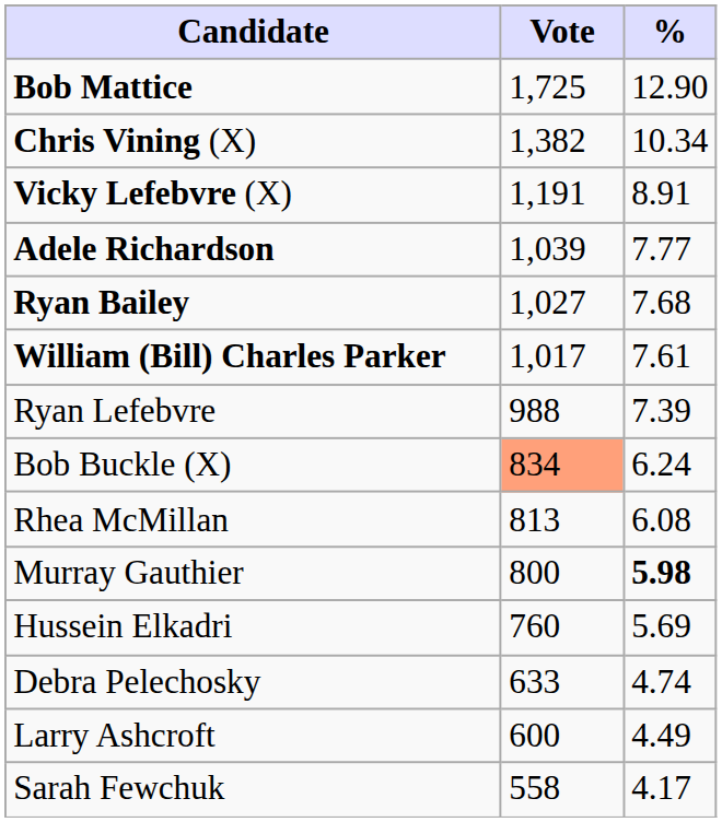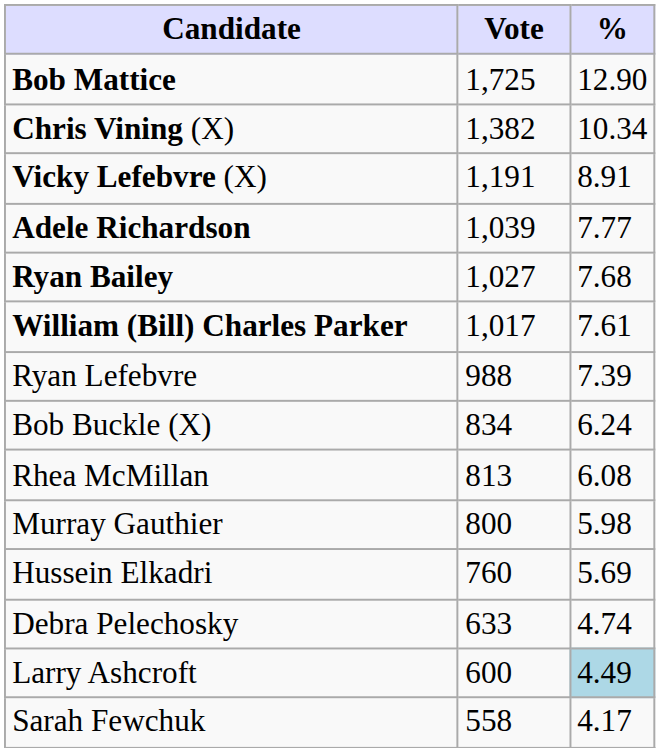 <table class="wikitable">
 <tr>
 <th style="background:#ddf; width:225px;">Candidate</th>
 <th style="background:#ddf; width:50px;">Vote</th>
 <th style="background:#ddf; width:30px;">%</th>
 </tr>
 <tr>
 <td><strong>Bob Mattice</strong></td>
 <td>1,725</td>
 <td>12.90</td>
 </tr>
 <tr>
 <td><strong>Chris Vining</strong> (X)</td>
 <td>1,382</td>
 <td>10.34</td>
 </tr>
 <tr>
 <td><strong>Vicky Lefebvre</strong> (X)</td>
 <td>1,191</td>
 <td>8.91</td>
 </tr>
 <tr>
 <td><strong>Adele Richardson</strong></td>
 <td>1,039</td>
 <td>7.77</td>
 </tr>
 <tr>
 <td><strong>Ryan Bailey</strong></td>
 <td>1,027</td>
 <td>7.68</td>
 </tr>
 <tr>
 <td><strong>William (Bill) Charles Parker</strong></td>
 <td>1,017</td>
 <td>7.61</td>
 </tr>
 <tr>
 <td>Ryan Lefebvre</td>
 <td>988</td>
 <td>7.39</td>
 </tr>
 <tr>
 <td>Bob Buckle (X)</td>
-<td style="background: lightsalmon;">834</td>
+<td>834</td>
 <td>6.24</td>
 </tr>
 <tr>
 <td>Rhea McMillan</td>
 <td>813</td>
 <td>6.08</td>
 </tr>
 <tr>
 <td>Murray Gauthier</td>
 <td>800</td>
-<td><strong>5.98</strong></td>
+<td>5.98</td>
 </tr>
 <tr>
 <td>Hussein Elkadri</td>
 <td>760</td>
 <td>5.69</td>
 </tr>
 <tr>
 <td>Debra Pelechosky</td>
 <td>633</td>
 <td>4.74</td>
 </tr>
 <tr>
 <td>Larry Ashcroft</td>
 <td>600</td>
-<td>4.49</td>
+<td style="background: lightblue;">4.49</td>
 </tr>
 <tr>
 <td>Sarah Fewchuk</td>
 <td>558</td>
 <td>4.17</td>
 </tr>
 <tr>
 </tr>
 </table>
